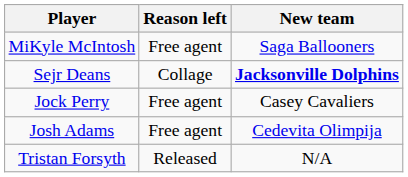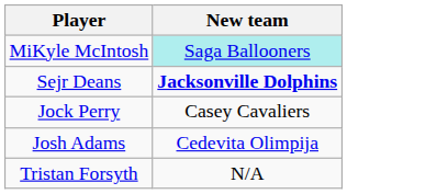 <table class="wikitable sortable sortable" style="text-align: center">
 <tr>
 <th>Player</th>
-<th>Reason left</th>
 <th>New team</th>
 </tr>
 <tr>
 <td><a href='#'>MiKyle McIntosh</a></td>
-<td>Free agent</td>
-<td><a href='#'>Saga Ballooners</a></td>
+<td style="background: paleturquoise;"><a href='#'>Saga Ballooners</a></td>
 </tr>
 <tr>
 <td><a href='#'>Sejr Deans</a></td>
-<td>Collage</td>
 <td><strong><a href='#'>Jacksonville Dolphins</a></strong></td>
 </tr>
 <tr>
 <td><a href='#'>Jock Perry</a></td>
-<td>Free agent</td>
 <td>Casey Cavaliers</td>
 </tr>
 <tr>
 <td><a href='#'>Josh Adams</a></td>
-<td>Free agent</td>
 <td><a href='#'>Cedevita Olimpija</a></td>
 </tr>
 <tr>
 <td><a href='#'>Tristan Forsyth</a></td>
-<td>Released</td>
 <td>N/A</td>
 </tr>
 </table>
